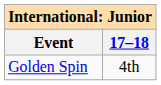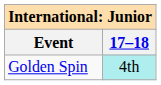 <table class="wikitable" style="text-align:center">
 <tr>
 <th colspan="2" style="background-color: #ffdead; " align="center">International: Junior</th>
 </tr>
 <tr>
 <th>Event</th>
 <th><a href='#'>17–18</a></th>
 </tr>
 <tr>
 <td align=left><a href='#'>Golden Spin</a></td>
-<td>4th</td>
+<td style="background: paleturquoise;">4th</td>
 </tr>
 </table>
